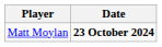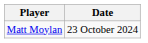 <table class="wikitable">
 <tr>
 <th>Player</th>
 <th>Date</th>
 </tr>
 <tr>
 <td> <a href='#'>Matt Moylan</a></td>
-<td><strong>23 October 2024</strong></td>
+<td>23 October 2024</td>
 </tr>
 </table>
